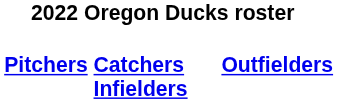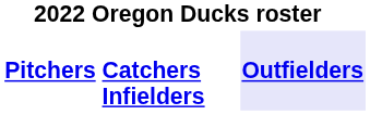 <table class="toccolours" style="border-collapse; font-size:90%;">
 <tr>
 <th colspan=9>2022 Oregon Ducks roster</th>
 </tr>
 <tr>
 <td width="03"> </td>
 <td valign="top"><br><strong><a href='#'>Pitchers</a></strong></td>
 <td valign="top"><br><strong><a href='#'>Catchers</a></strong><br><strong><a href='#'>Infielders</a></strong></td>
 <td width="15"> </td>
-<td valign="top"><br><strong><a href='#'>Outfielders</a></strong></td>
+<td valign="top" style="background: lavender;"><br><strong><a href='#'>Outfielders</a></strong></td>
 </tr>
 </table>
